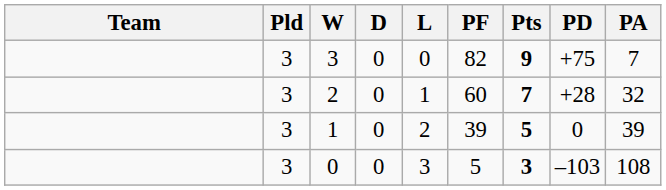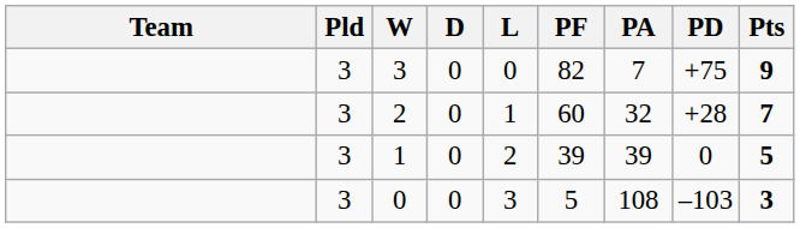 <table class="wikitable" style="text-align:center;">
 <tr>
 <th width=175>Team</th>
 <th width=25 abbr="Played">Pld</th>
 <th width=25 abbr="Won">W</th>
 <th width=25 abbr="Drawn">D</th>
 <th width=25 abbr="Lost">L</th>
 <th width=32 abbr="Points for">PF</th>
+<th width=32 abbr="Points against">PA</th>
+<th width=32 abbr="Points difference">PD</th>
 <th width=25 abbr="Points">Pts</th>
-<th width=32 abbr="Points difference">PD</th>
-<th width=32 abbr="Points against">PA</th>
 </tr>
 <tr>
 <td align=left></td>
 <td>3</td>
 <td>3</td>
 <td>0</td>
 <td>0</td>
 <td>82</td>
+<td>7</td>
+<td>+75</td>
 <td><strong>9</strong></td>
-<td>+75</td>
-<td>7</td>
 </tr>
 <tr>
 <td align=left></td>
 <td>3</td>
 <td>2</td>
 <td>0</td>
 <td>1</td>
 <td>60</td>
+<td>32</td>
+<td>+28</td>
 <td><strong>7</strong></td>
-<td>+28</td>
-<td>32</td>
 </tr>
 <tr>
 <td align=left></td>
 <td>3</td>
 <td>1</td>
 <td>0</td>
 <td>2</td>
 <td>39</td>
+<td>39</td>
+<td>0</td>
 <td><strong>5</strong></td>
-<td>0</td>
-<td>39</td>
 </tr>
 <tr>
 <td align=left></td>
 <td>3</td>
 <td>0</td>
 <td>0</td>
 <td>3</td>
 <td>5</td>
+<td>108</td>
+<td>–103</td>
 <td><strong>3</strong></td>
-<td>–103</td>
-<td>108</td>
 </tr>
 </table>
